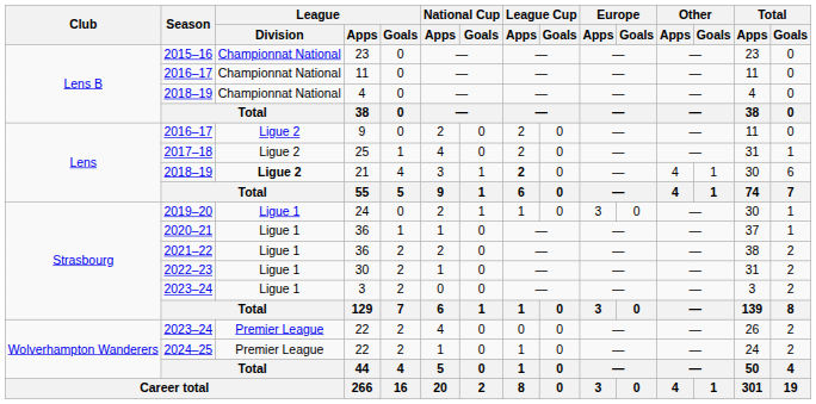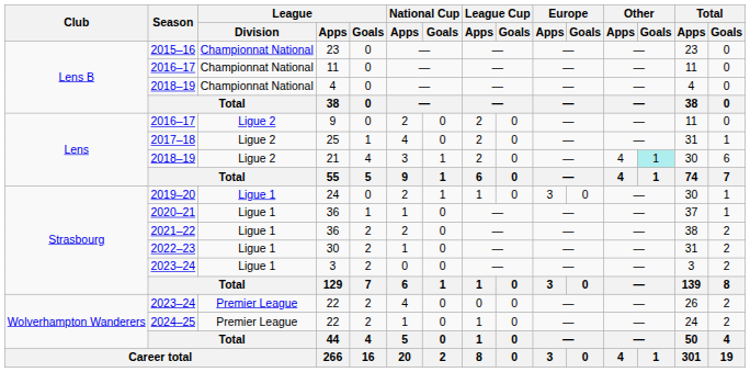 <table class="wikitable" style="text-align: center">
 <tr>
 <th rowspan="2">Club</th>
 <th rowspan="2">Season</th>
 <th colspan="3">League</th>
 <th colspan="2">National Cup</th>
 <th colspan="2">League Cup</th>
 <th colspan="2">Europe</th>
 <th colspan="2">Other</th>
 <th colspan="2">Total</th>
 </tr>
 <tr>
 <th>Division</th>
 <th>Apps</th>
 <th>Goals</th>
 <th>Apps</th>
 <th>Goals</th>
 <th>Apps</th>
 <th>Goals</th>
 <th>Apps</th>
 <th>Goals</th>
 <th>Apps</th>
 <th>Goals</th>
 <th>Apps</th>
 <th>Goals</th>
 </tr>
 <tr>
 <td rowspan="4"><a href='#'>Lens B</a></td>
 <td><a href='#'>2015–16</a></td>
 <td><a href='#'>Championnat National</a></td>
 <td>23</td>
 <td>0</td>
 <td colspan="2">—</td>
 <td colspan="2">—</td>
 <td colspan="2">—</td>
 <td colspan="2">—</td>
 <td>23</td>
 <td>0</td>
 </tr>
 <tr>
 <td><a href='#'>2016–17</a></td>
 <td>Championnat National</td>
 <td>11</td>
 <td>0</td>
 <td colspan="2">—</td>
 <td colspan="2">—</td>
 <td colspan="2">—</td>
 <td colspan="2">—</td>
 <td>11</td>
 <td>0</td>
 </tr>
 <tr>
 <td><a href='#'>2018–19</a></td>
 <td>Championnat National</td>
 <td>4</td>
 <td>0</td>
 <td colspan="2">—</td>
 <td colspan="2">—</td>
 <td colspan="2">—</td>
 <td colspan="2">—</td>
 <td>4</td>
 <td>0</td>
 </tr>
 <tr>
 <th colspan="2">Total</th>
 <th>38</th>
 <th>0</th>
 <th colspan="2">—</th>
 <th colspan="2">—</th>
 <th colspan="2">—</th>
 <th colspan="2">—</th>
 <th>38</th>
 <th>0</th>
 </tr>
 <tr>
 <td rowspan="4"><a href='#'>Lens</a></td>
 <td><a href='#'>2016–17</a></td>
 <td><a href='#'>Ligue 2</a></td>
 <td>9</td>
 <td>0</td>
 <td>2</td>
 <td>0</td>
 <td>2</td>
 <td>0</td>
 <td colspan="2">—</td>
 <td colspan="2">—</td>
 <td>11</td>
 <td>0</td>
 </tr>
 <tr>
 <td><a href='#'>2017–18</a></td>
 <td>Ligue 2</td>
 <td>25</td>
 <td>1</td>
 <td>4</td>
 <td>0</td>
 <td>2</td>
 <td>0</td>
 <td colspan="2">—</td>
 <td colspan="2">—</td>
 <td>31</td>
 <td>1</td>
 </tr>
 <tr>
 <td><a href='#'>2018–19</a></td>
-<td><strong>Ligue 2</strong></td>
+<td>Ligue 2</td>
 <td>21</td>
 <td>4</td>
 <td>3</td>
 <td>1</td>
-<td><strong>2</strong></td>
+<td>2</td>
 <td>0</td>
 <td colspan="2">—</td>
 <td>4</td>
-<td>1</td>
+<td style="background: paleturquoise;">1</td>
 <td>30</td>
 <td>6</td>
 </tr>
 <tr>
 <th colspan="2">Total</th>
 <th>55</th>
 <th>5</th>
 <th>9</th>
 <th>1</th>
 <th>6</th>
 <th>0</th>
 <th colspan="2">—</th>
 <th>4</th>
 <th>1</th>
 <th>74</th>
 <th>7</th>
 </tr>
 <tr>
 <td rowspan="6"><a href='#'>Strasbourg</a></td>
 <td><a href='#'>2019–20</a></td>
 <td><a href='#'>Ligue 1</a></td>
 <td>24</td>
 <td>0</td>
 <td>2</td>
 <td>1</td>
 <td>1</td>
 <td>0</td>
 <td>3</td>
 <td>0</td>
 <td colspan="2">—</td>
 <td>30</td>
 <td>1</td>
 </tr>
 <tr>
 <td><a href='#'>2020–21</a></td>
 <td>Ligue 1</td>
 <td>36</td>
 <td>1</td>
 <td>1</td>
 <td>0</td>
 <td colspan="2">—</td>
 <td colspan="2">—</td>
 <td colspan="2">—</td>
 <td>37</td>
 <td>1</td>
 </tr>
 <tr>
 <td><a href='#'>2021–22</a></td>
 <td>Ligue 1</td>
 <td>36</td>
 <td>2</td>
 <td>2</td>
 <td>0</td>
 <td colspan="2">—</td>
 <td colspan="2">—</td>
 <td colspan="2">—</td>
 <td>38</td>
 <td>2</td>
 </tr>
 <tr>
 <td><a href='#'>2022–23</a></td>
 <td>Ligue 1</td>
 <td>30</td>
 <td>2</td>
 <td>1</td>
 <td>0</td>
 <td colspan="2">—</td>
 <td colspan="2">—</td>
 <td colspan="2">—</td>
 <td>31</td>
 <td>2</td>
 </tr>
 <tr>
 <td><a href='#'>2023–24</a></td>
 <td>Ligue 1</td>
 <td>3</td>
 <td>2</td>
 <td>0</td>
 <td>0</td>
 <td colspan="2">—</td>
 <td colspan="2">—</td>
 <td colspan="2">—</td>
 <td>3</td>
 <td>2</td>
 </tr>
 <tr>
 <th colspan="2">Total</th>
 <th>129</th>
 <th>7</th>
 <th>6</th>
 <th>1</th>
 <th>1</th>
 <th>0</th>
 <th>3</th>
 <th>0</th>
 <th colspan="2">—</th>
 <th>139</th>
 <th>8</th>
 </tr>
 <tr>
 <td rowspan="3"><a href='#'>Wolverhampton Wanderers</a></td>
 <td><a href='#'>2023–24</a></td>
 <td><a href='#'>Premier League</a></td>
 <td>22</td>
 <td>2</td>
 <td>4</td>
 <td>0</td>
 <td>0</td>
 <td>0</td>
 <td colspan="2">—</td>
 <td colspan="2">—</td>
 <td>26</td>
 <td>2</td>
 </tr>
 <tr>
 <td><a href='#'>2024–25</a></td>
 <td>Premier League</td>
 <td>22</td>
 <td>2</td>
 <td>1</td>
 <td>0</td>
 <td>1</td>
 <td>0</td>
 <td colspan="2">—</td>
 <td colspan="2">—</td>
 <td>24</td>
 <td>2</td>
 </tr>
 <tr>
 <th colspan="2">Total</th>
 <th>44</th>
 <th>4</th>
 <th>5</th>
 <th>0</th>
 <th>1</th>
 <th>0</th>
 <th colspan="2">—</th>
 <th colspan="2">—</th>
 <th>50</th>
 <th>4</th>
 </tr>
 <tr>
 <th colspan="3">Career total</th>
 <th>266</th>
 <th>16</th>
 <th>20</th>
 <th>2</th>
 <th>8</th>
 <th>0</th>
 <th>3</th>
 <th>0</th>
 <th>4</th>
 <th>1</th>
 <th>301</th>
 <th>19</th>
 </tr>
 </table>
